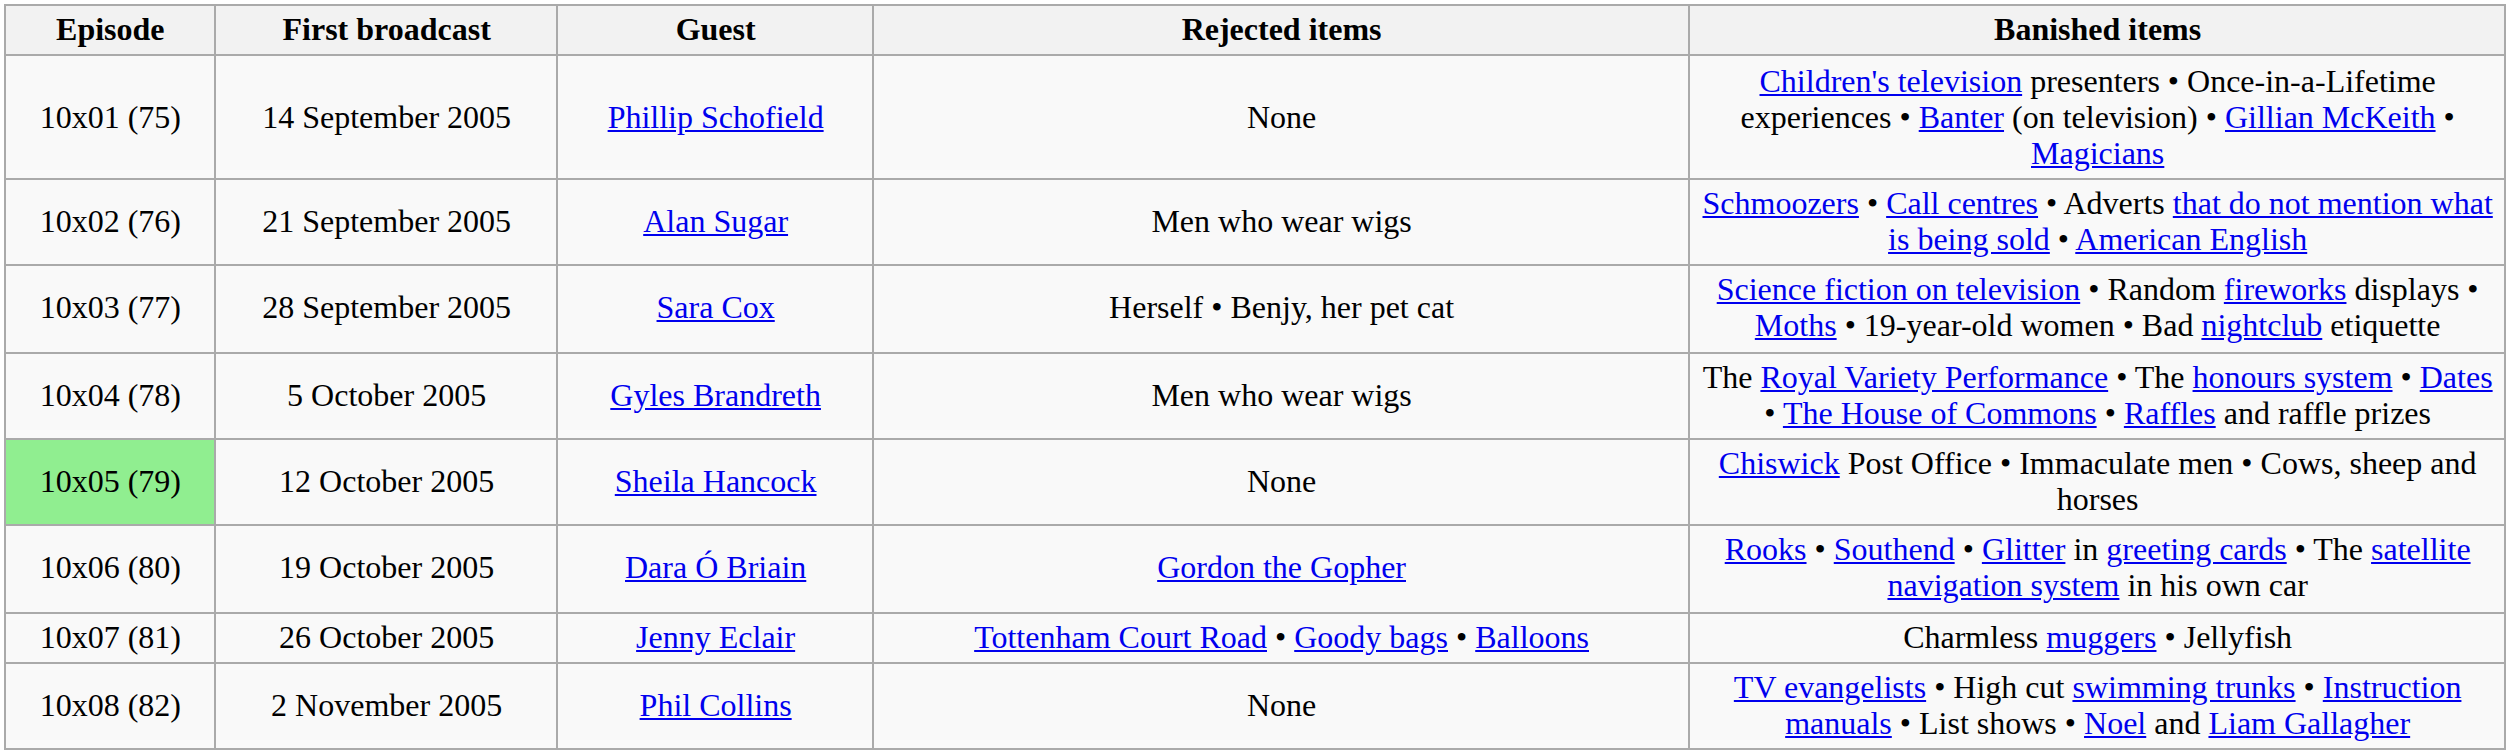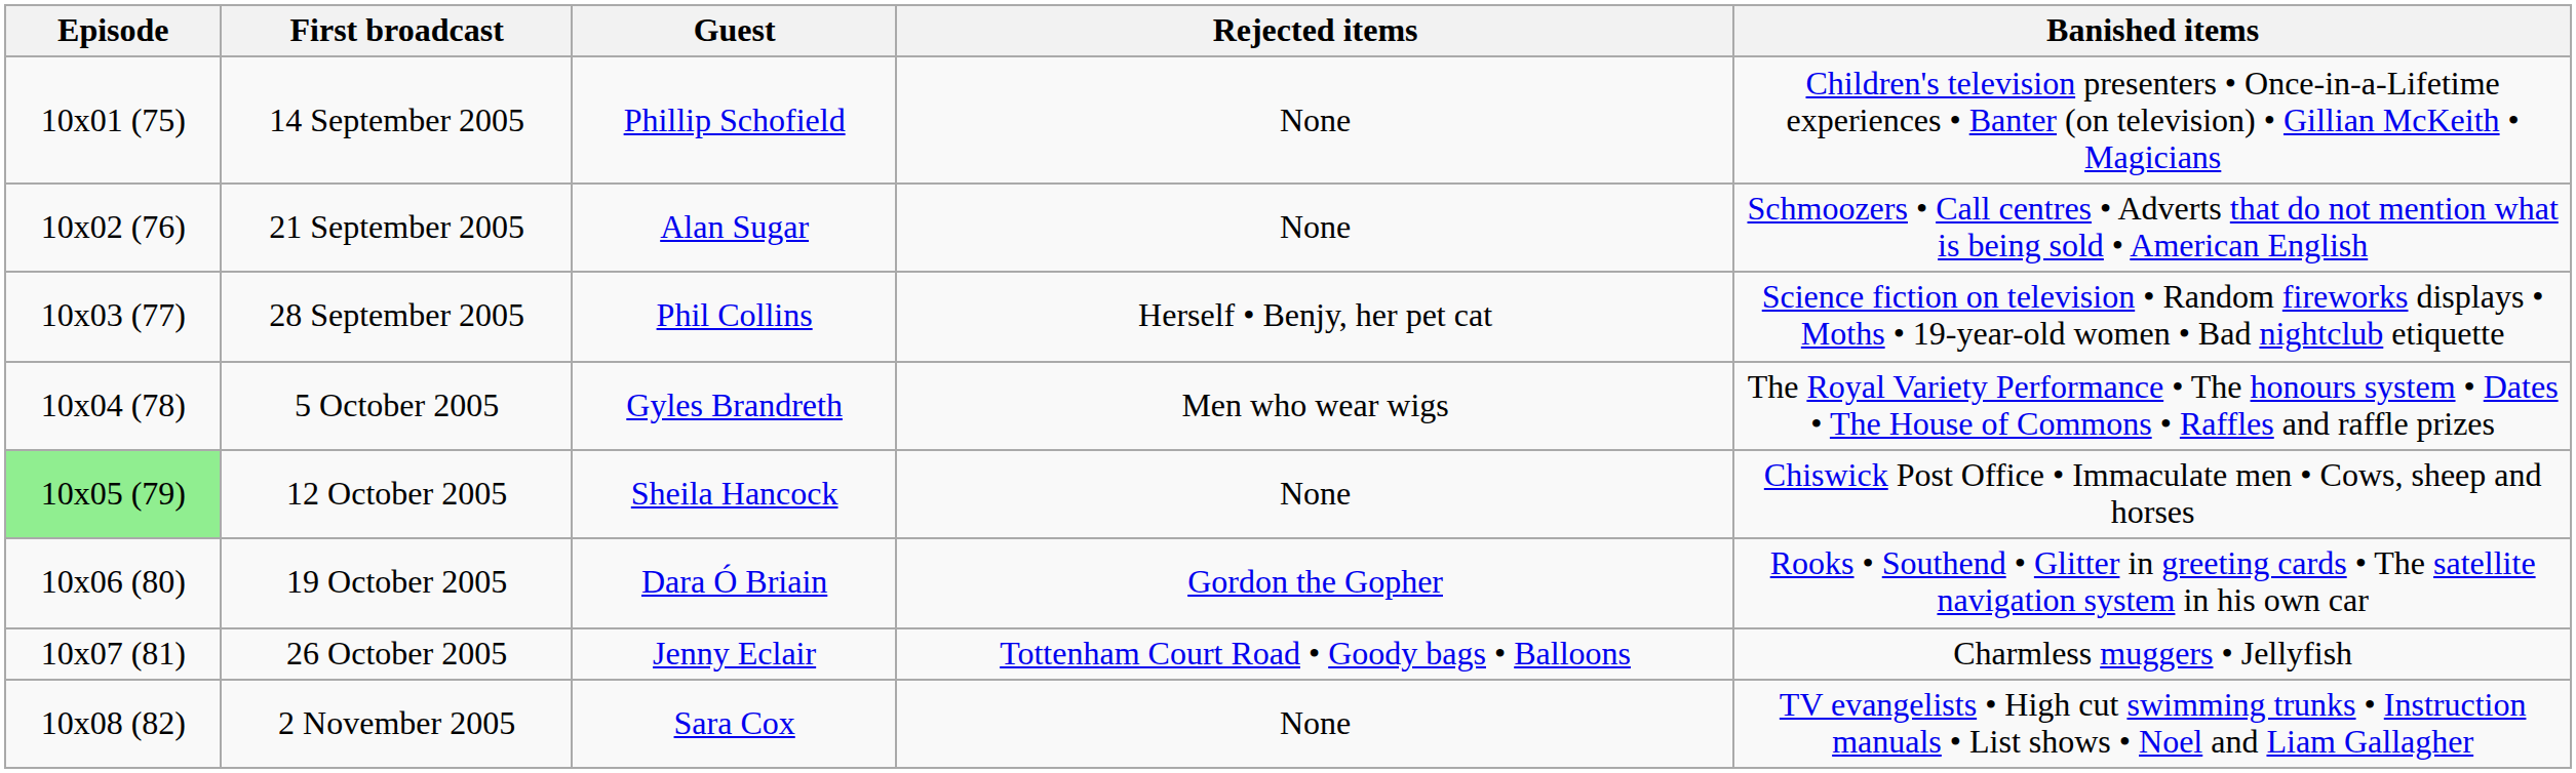 <table class="wikitable"  style="width:99%; left:0 auto; text-align:center;">
 <tr>
 <th style="width:8%;">Episode</th>
 <th style="width:13%;">First broadcast</th>
 <th style="width:12%;">Guest</th>
 <th style="width:31%;">Rejected items</th>
 <th style="width:31%;">Banished items</th>
 </tr>
 <tr>
 <td>10x01 (75)</td>
 <td>14 September 2005</td>
 <td><a href='#'>Phillip Schofield</a></td>
 <td>None</td>
 <td><a href='#'>Children's television</a> presenters • Once-in-a-Lifetime experiences • <a href='#'>Banter</a> (on television) • <a href='#'>Gillian McKeith</a> • <a href='#'>Magicians</a></td>
 </tr>
 <tr>
 <td>10x02 (76)</td>
 <td>21 September 2005</td>
 <td><a href='#'>Alan Sugar</a></td>
-<td>Men who wear wigs</td>
+<td>None</td>
 <td><a href='#'>Schmoozers</a> • <a href='#'>Call centres</a> • Adverts <a href='#'>that do not mention what is being sold</a> • <a href='#'>American English</a></td>
 </tr>
 <tr>
 <td>10x03 (77)</td>
 <td>28 September 2005</td>
-<td><a href='#'>Sara Cox</a></td>
+<td><a href='#'>Phil Collins</a></td>
 <td>Herself • Benjy, her pet cat</td>
 <td><a href='#'>Science fiction on television</a> • Random <a href='#'>fireworks</a> displays • <a href='#'>Moths</a> • 19-year-old women • Bad <a href='#'>nightclub</a> etiquette</td>
 </tr>
 <tr>
 <td>10x04 (78)</td>
 <td>5 October 2005</td>
 <td><a href='#'>Gyles Brandreth</a></td>
 <td>Men who wear wigs</td>
 <td>The <a href='#'>Royal Variety Performance</a> • The <a href='#'>honours system</a> • <a href='#'>Dates</a> • <a href='#'>The House of Commons</a> • <a href='#'>Raffles</a> and raffle prizes</td>
 </tr>
 <tr>
 <td style="background: lightgreen;">10x05 (79)</td>
 <td>12 October 2005</td>
 <td><a href='#'>Sheila Hancock</a></td>
 <td>None</td>
 <td><a href='#'>Chiswick</a> Post Office • Immaculate men • Cows, sheep and horses</td>
 </tr>
 <tr>
 <td>10x06 (80)</td>
 <td>19 October 2005</td>
 <td><a href='#'>Dara Ó Briain</a></td>
 <td><a href='#'>Gordon the Gopher</a></td>
 <td><a href='#'>Rooks</a> • <a href='#'>Southend</a> • <a href='#'>Glitter</a> in <a href='#'>greeting cards</a> •  The <a href='#'>satellite navigation system</a> in his own car</td>
 </tr>
 <tr>
 <td>10x07 (81)</td>
 <td>26 October 2005</td>
 <td><a href='#'>Jenny Eclair</a></td>
 <td><a href='#'>Tottenham Court Road</a> • <a href='#'>Goody bags</a> • <a href='#'>Balloons</a></td>
 <td>Charmless <a href='#'>muggers</a> • Jellyfish</td>
 </tr>
 <tr>
 <td>10x08 (82)</td>
 <td>2 November 2005</td>
-<td><a href='#'>Phil Collins</a></td>
+<td><a href='#'>Sara Cox</a></td>
 <td>None</td>
 <td><a href='#'>TV evangelists</a> • High cut <a href='#'>swimming trunks</a> • <a href='#'>Instruction manuals</a> • List shows • <a href='#'>Noel</a> and <a href='#'>Liam Gallagher</a></td>
 </tr>
 </table>
